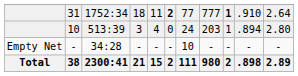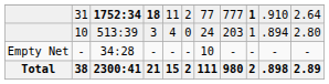 <table class="wikitable sortable">
 <tr align="center">
 </tr>
 <tr align="center" bgcolor="f0f0f0">
 <td></td>
 <td>31</td>
-<td>1752:34</td>
-<td>18</td>
+<td><strong>1752:34</strong></td>
+<td><strong>18</strong></td>
 <td>11</td>
-<td><strong>2</strong></td>
+<td>2</td>
 <td>77</td>
 <td>777</td>
 <td><strong>1</strong></td>
 <td>.910</td>
 <td>2.64</td>
 </tr>
 <tr align="center" bgcolor="f0f0f0">
 <td></td>
 <td>10</td>
 <td>513:39</td>
 <td>3</td>
 <td>4</td>
 <td>0</td>
 <td>24</td>
 <td>203</td>
 <td>1</td>
 <td>.894</td>
 <td>2.80</td>
 </tr>
 <tr align="center" bgcolor="">
 <td>Empty Net</td>
 <td>-</td>
 <td>34:28</td>
 <td>-</td>
 <td>-</td>
 <td>-</td>
 <td>10</td>
 <td>-</td>
 <td>-</td>
 <td>-</td>
 <td>-</td>
 </tr>
 <tr>
 <th>Total</th>
 <th>38</th>
 <th>2300:41</th>
 <th>21</th>
 <th>15</th>
 <th>2</th>
 <th>111</th>
 <th>980</th>
 <th>2</th>
 <th>.898</th>
 <th>2.89</th>
 </tr>
 </table>
